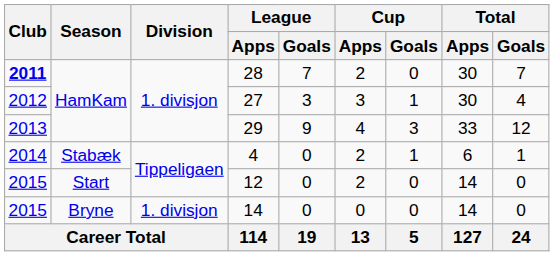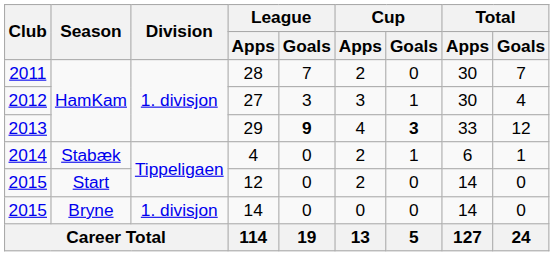 <table class="wikitable" style="text-align: center;">
 <tr>
 <th rowspan="2">Club</th>
 <th rowspan="2">Season</th>
 <th rowspan="2">Division</th>
 <th colspan="2">League</th>
 <th colspan="2">Cup</th>
 <th colspan="2">Total</th>
 </tr>
 <tr>
 <th>Apps</th>
 <th>Goals</th>
 <th>Apps</th>
 <th>Goals</th>
 <th>Apps</th>
 <th>Goals</th>
 </tr>
 <tr>
-<td><strong><a href='#'>2011</a></strong></td>
+<td><a href='#'>2011</a></td>
 <td rowspan="3" valign="center"><a href='#'>HamKam</a></td>
 <td rowspan="3" valign="center"><a href='#'>1. divisjon</a></td>
 <td>28</td>
 <td>7</td>
 <td>2</td>
 <td>0</td>
 <td>30</td>
 <td>7</td>
 </tr>
 <tr>
 <td><a href='#'>2012</a></td>
 <td>27</td>
 <td>3</td>
 <td>3</td>
 <td>1</td>
 <td>30</td>
 <td>4</td>
 </tr>
 <tr>
 <td><a href='#'>2013</a></td>
 <td>29</td>
-<td>9</td>
+<td><strong>9</strong></td>
 <td>4</td>
-<td>3</td>
+<td><strong>3</strong></td>
 <td>33</td>
 <td>12</td>
 </tr>
 <tr>
 <td><a href='#'>2014</a></td>
 <td rowspan="1" valign="center"><a href='#'>Stabæk</a></td>
 <td rowspan="2" valign="center"><a href='#'>Tippeligaen</a></td>
 <td>4</td>
 <td>0</td>
 <td>2</td>
 <td>1</td>
 <td>6</td>
 <td>1</td>
 </tr>
 <tr>
 <td><a href='#'>2015</a></td>
 <td rowspan="1" valign="center"><a href='#'>Start</a></td>
 <td>12</td>
 <td>0</td>
 <td>2</td>
 <td>0</td>
 <td>14</td>
 <td>0</td>
 </tr>
 <tr>
 <td><a href='#'>2015</a></td>
 <td rowspan="1" valign="center"><a href='#'>Bryne</a></td>
 <td rowspan="1" valign="center"><a href='#'>1. divisjon</a></td>
 <td>14</td>
 <td>0</td>
 <td>0</td>
 <td>0</td>
 <td>14</td>
 <td>0</td>
 </tr>
 <tr>
 <th colspan="3">Career Total</th>
 <th>114</th>
 <th>19</th>
 <th>13</th>
 <th>5</th>
 <th>127</th>
 <th>24</th>
 </tr>
 </table>
